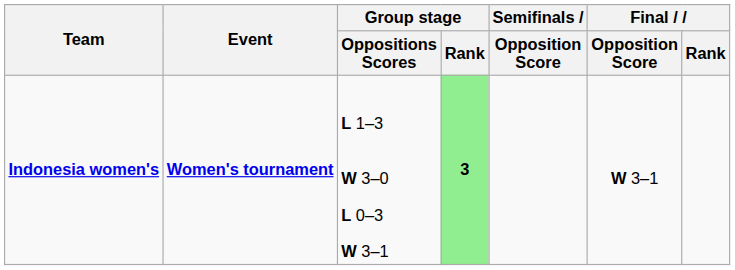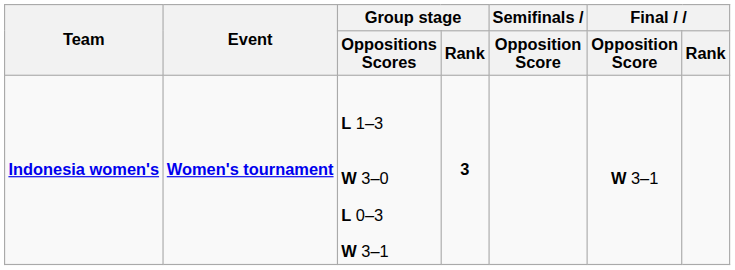 <table class=wikitable style="font-size:90%; text-align:center;">
 <tr>
 <th rowspan=2>Team</th>
 <th rowspan=2>Event</th>
 <th colspan=2>Group stage</th>
 <th>Semifinals / </th>
 <th colspan=2>Final /  / </th>
 </tr>
 <tr>
 <th>Oppositions<br>Scores</th>
 <th>Rank</th>
 <th>Opposition<br>Score</th>
 <th>Opposition<br>Score</th>
 <th>Rank</th>
 </tr>
 <tr>
 <td align=left><strong><a href='#'>Indonesia women's</a></strong></td>
 <td align=left><strong><a href='#'>Women's tournament</a></strong></td>
 <td align=left><br><br><strong>L</strong> 1–3 <br><br> <br><strong>W</strong> 3–0 <br>  <br><strong>L</strong> 0–3 <br>  <br><strong>W</strong> 3–1</td>
-<td style="background: lightgreen;"><strong>3</strong></td>
+<td><strong>3</strong></td>
 <td></td>
 <td> <br><strong>W</strong> 3–1</td>
 <td></td>
 </tr>
 </table>
